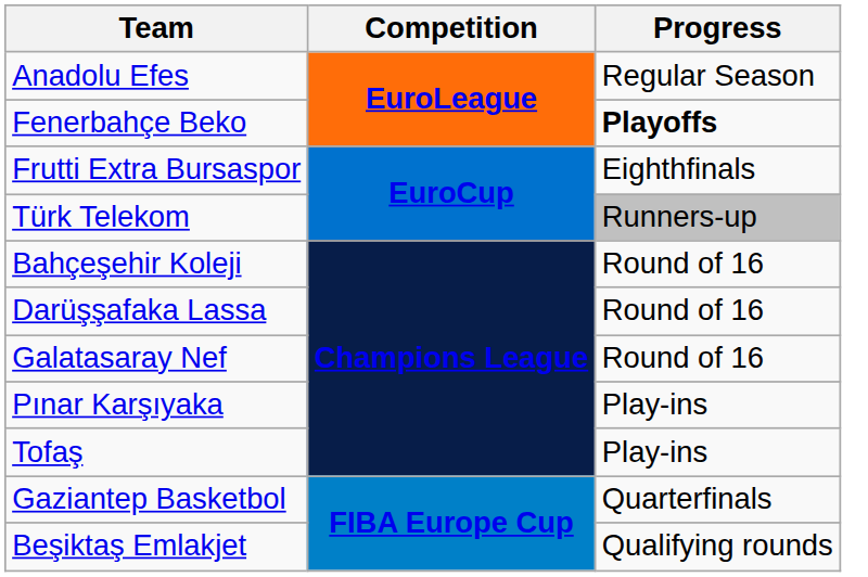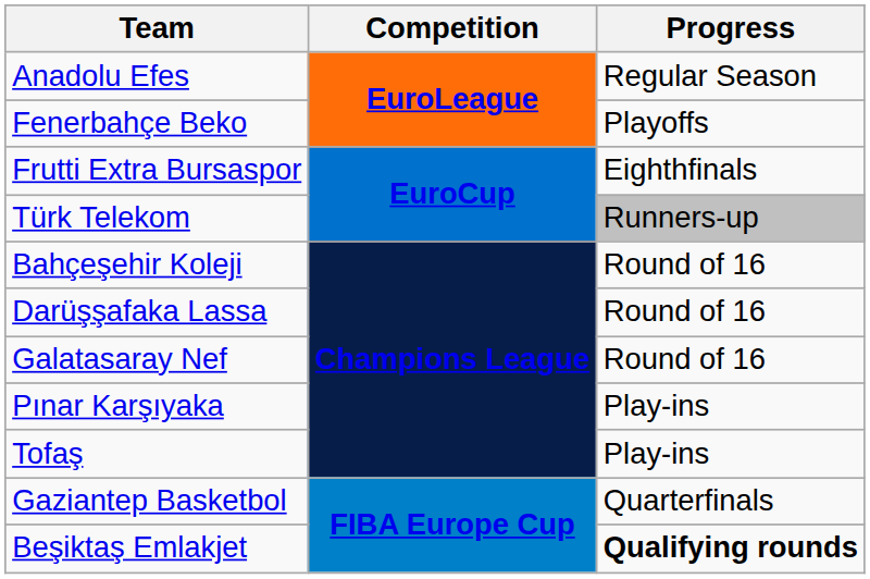 <table class="wikitable sortable">
 <tr>
 <th>Team</th>
 <th>Competition</th>
 <th>Progress</th>
 </tr>
 <tr>
 <td><a href='#'>Anadolu Efes</a></td>
 <td rowspan="2" style="background:#ff6d09;color:#ffffff;text-align:center"><strong><a href='#'><span>EuroLeague</span></a></strong></td>
 <td>Regular Season</td>
 </tr>
 <tr>
 <td><a href='#'>Fenerbahçe Beko</a></td>
-<td><strong>Playoffs</strong></td>
+<td>Playoffs</td>
 </tr>
 <tr>
 <td><a href='#'>Frutti Extra Bursaspor</a></td>
 <td rowspan="2" style="background-color:#0072CE;color:white;text-align:center"><strong><a href='#'><span>EuroCup</span></a></strong></td>
 <td>Eighthfinals</td>
 </tr>
 <tr>
 <td><a href='#'>Türk Telekom</a></td>
 <td style="background:silver">Runners-up</td>
 </tr>
 <tr>
 <td><a href='#'>Bahçeşehir Koleji</a></td>
 <td rowspan="5" style="background-color:#071D49;color:#D0D3D4;text-align:center"><strong><a href='#'><span>Champions League</span></a></strong></td>
 <td>Round of 16</td>
 </tr>
 <tr>
 <td><a href='#'>Darüşşafaka Lassa</a></td>
 <td>Round of 16</td>
 </tr>
 <tr>
 <td><a href='#'>Galatasaray Nef</a></td>
 <td>Round of 16</td>
 </tr>
 <tr>
 <td><a href='#'>Pınar Karşıyaka</a></td>
 <td>Play-ins</td>
 </tr>
 <tr>
 <td><a href='#'>Tofaş</a></td>
 <td>Play-ins</td>
 </tr>
 <tr>
 <td><a href='#'>Gaziantep Basketbol</a></td>
 <td rowspan="3" style="background-color:#0080C8;color:#D0D3D4;text-align:center"><strong><a href='#'><span>FIBA Europe Cup</span></a></strong></td>
 <td>Quarterfinals</td>
 </tr>
 <tr>
 <td><a href='#'>Beşiktaş Emlakjet</a></td>
-<td>Qualifying rounds</td>
+<td><strong>Qualifying rounds</strong></td>
 </tr>
 </table>
